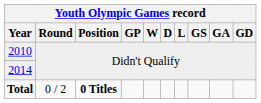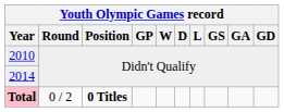 <table class="wikitable" style="text-align: center;">
 <tr>
 <th colspan=10><a href='#'>Youth Olympic Games</a> record</th>
 </tr>
 <tr>
 <th>Year</th>
 <th>Round</th>
 <th>Position</th>
 <th>GP</th>
 <th>W</th>
 <th>D</th>
 <th>L</th>
 <th>GS</th>
 <th>GA</th>
 <th>GD</th>
 </tr>
 <tr bgcolor=efefef>
 <td> <a href='#'>2010</a></td>
 <td colspan=9 rowspan=2>Didn't Qualify</td>
 </tr>
 <tr bgcolor=efefef>
 <td> <a href='#'>2014</a></td>
 </tr>
 <tr>
-<td><strong>Total</strong></td>
+<td style="background: pink;"><strong>Total</strong></td>
 <td>0 / 2</td>
 <td><strong>0 Titles</strong></td>
 <td></td>
 <td></td>
 <td></td>
 <td></td>
 <td></td>
 <td></td>
 <td></td>
 </tr>
 </table>
